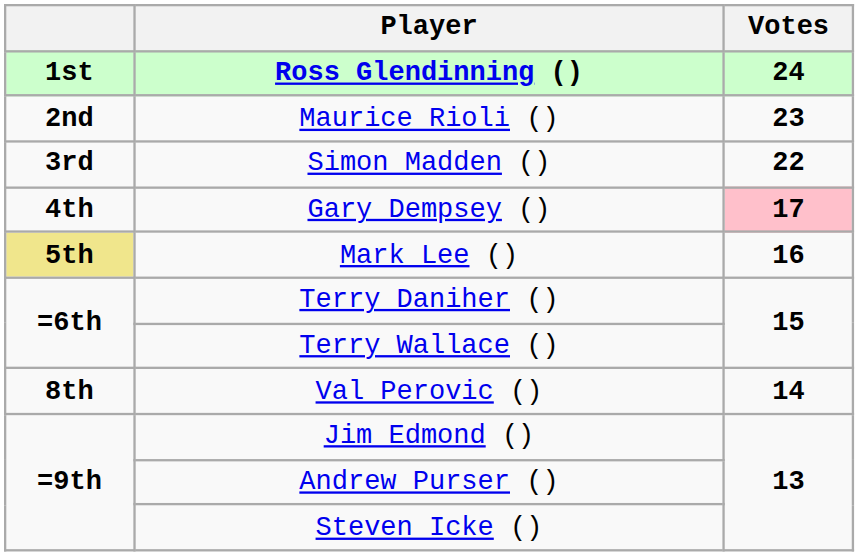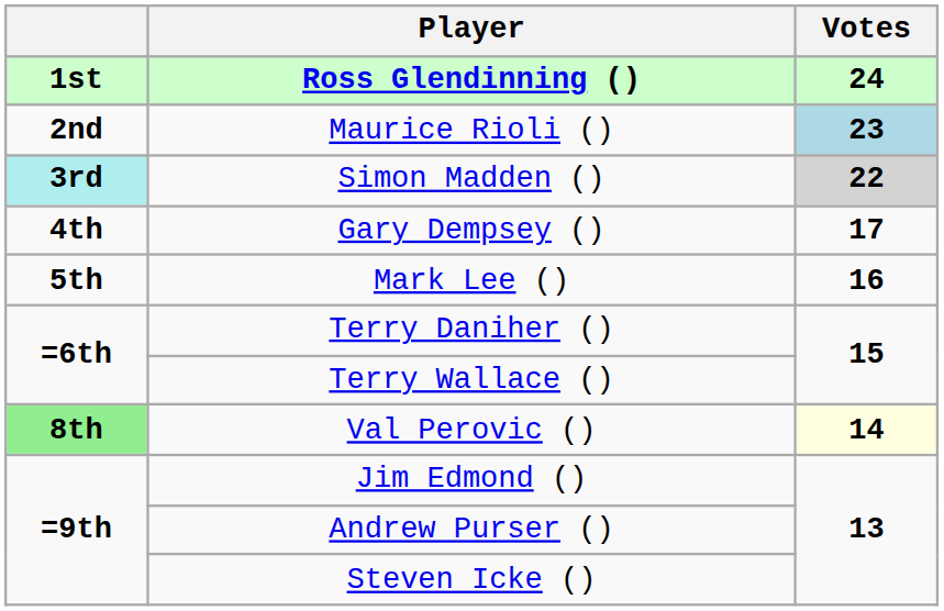 <table class="wikitable" style="text-align: center; font-size: 90%;">
 <tr>
 <th width="50"></th>
 <th width="250">Player</th>
 <th width="50">Votes</th>
 </tr>
 <tr style="background: #CCFFCC;">
 <td><strong>1st</strong></td>
 <td><strong><a href='#'>Ross Glendinning</a> ()</strong></td>
 <td><strong>24</strong></td>
 </tr>
 <tr>
 <td><strong>2nd</strong></td>
 <td><a href='#'>Maurice Rioli</a> ()</td>
-<td><strong>23</strong></td>
+<td style="background: lightblue;"><strong>23</strong></td>
 </tr>
 <tr>
-<td><strong>3rd</strong></td>
+<td style="background: paleturquoise;"><strong>3rd</strong></td>
 <td><a href='#'>Simon Madden</a> ()</td>
-<td><strong>22</strong></td>
+<td style="background: lightgrey;"><strong>22</strong></td>
 </tr>
 <tr>
 <td><strong>4th</strong></td>
 <td><a href='#'>Gary Dempsey</a> ()</td>
-<td style="background: pink;"><strong>17</strong></td>
+<td><strong>17</strong></td>
 </tr>
 <tr>
-<td style="background: khaki;"><strong>5th</strong></td>
+<td><strong>5th</strong></td>
 <td><a href='#'>Mark Lee</a> ()</td>
 <td><strong>16</strong></td>
 </tr>
 <tr>
 <td rowspan=2><strong>=6th</strong></td>
 <td><a href='#'>Terry Daniher</a> ()</td>
 <td rowspan=2><strong>15</strong></td>
 </tr>
 <tr>
 <td><a href='#'>Terry Wallace</a> ()</td>
 </tr>
 <tr>
-<td><strong>8th</strong></td>
+<td style="background: lightgreen;"><strong>8th</strong></td>
 <td><a href='#'>Val Perovic</a> ()</td>
-<td><strong>14</strong></td>
+<td style="background: lightyellow;"><strong>14</strong></td>
 </tr>
 <tr>
 <td rowspan=3><strong>=9th</strong></td>
 <td><a href='#'>Jim Edmond</a> ()</td>
 <td rowspan=3><strong>13</strong></td>
 </tr>
 <tr>
 <td><a href='#'>Andrew Purser</a> ()</td>
 </tr>
 <tr>
 <td><a href='#'>Steven Icke</a> ()</td>
 </tr>
 </table>
